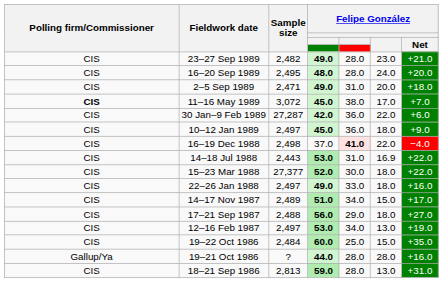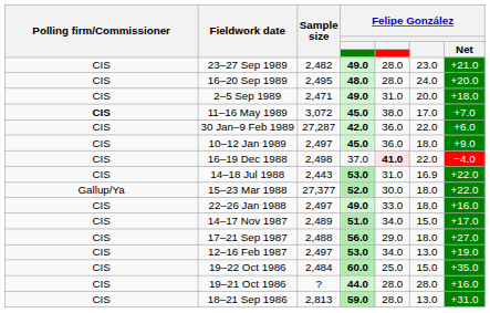 <table class="wikitable collapsible collapsed" style="text-align:center; font-size:90%; line-height:14px;">
 <tr style="height:42px;">
 <th style="width:250px;" rowspan="4">Polling firm/Commissioner</th>
 <th style="width:125px;" rowspan="4">Fieldwork date</th>
 <th style="width:50px;" rowspan="4">Sample size</th>
 <th style="width:185px;" colspan="4"><a href='#'>Felipe González</a><br></th>
 </tr>
 <tr>
 <th colspan="4" style="background:"></th>
 </tr>
 <tr>
 <th style="width:30px;"></th>
 <th style="width:30px;"></th>
 <th style="width:30px;" rowspan="2"></th>
 <th style="width:30px;" rowspan="2">Net</th>
 </tr>
 <tr>
 <th style="color:inherit;background:#008000;"></th>
 <th style="color:inherit;background:#FF0000;"></th>
 </tr>
 <tr>
 <td>CIS</td>
 <td>23–27 Sep 1989</td>
 <td>2,482</td>
 <td style="background:#D1F5D1;"><strong>49.0</strong></td>
 <td>28.0</td>
 <td>23.0</td>
 <td style="background:#008000; color:white;">+21.0</td>
 </tr>
 <tr>
 <td>CIS</td>
 <td>16–20 Sep 1989</td>
 <td>2,495</td>
 <td style="background:#D1F5D1;"><strong>48.0</strong></td>
 <td>28.0</td>
 <td>24.0</td>
 <td style="background:#008000; color:white;">+20.0</td>
 </tr>
 <tr>
 <td>CIS</td>
 <td>2–5 Sep 1989</td>
 <td>2,471</td>
 <td style="background:#D1F5D1;"><strong>49.0</strong></td>
 <td>31.0</td>
 <td>20.0</td>
 <td style="background:#008000; color:white;">+18.0</td>
 </tr>
 <tr>
 <td><strong>CIS</strong></td>
 <td>11–16 May 1989</td>
 <td>3,072</td>
 <td style="background:#D1F5D1;"><strong>45.0</strong></td>
 <td>38.0</td>
 <td>17.0</td>
 <td style="background:#008000; color:white;">+7.0</td>
 </tr>
 <tr>
 <td>CIS</td>
 <td>30 Jan–9 Feb 1989</td>
 <td>27,287</td>
 <td style="background:#D1F5D1;"><strong>42.0</strong></td>
 <td>36.0</td>
 <td>22.0</td>
 <td style="background:#008000; color:white;">+6.0</td>
 </tr>
 <tr>
 <td>CIS</td>
 <td>10–12 Jan 1989</td>
 <td>2,497</td>
 <td style="background:#D1F5D1;"><strong>45.0</strong></td>
 <td>36.0</td>
 <td>18.0</td>
 <td style="background:#008000; color:white;">+9.0</td>
 </tr>
 <tr>
 <td>CIS</td>
 <td>16–19 Dec 1988</td>
 <td>2,498</td>
 <td>37.0</td>
 <td style="background:#FFE2E1;"><strong>41.0</strong></td>
 <td>22.0</td>
 <td style="background:#FF0000; color:white;">−4.0</td>
 </tr>
 <tr>
 <td>CIS</td>
 <td>14–18 Jul 1988</td>
 <td>2,443</td>
 <td style="background:#B0ECB0;"><strong>53.0</strong></td>
 <td>31.0</td>
 <td>16.9</td>
 <td style="background:#008000; color:white;">+22.0</td>
 </tr>
 <tr>
-<td>CIS</td>
+<td>Gallup/Ya</td>
 <td>15–23 Mar 1988</td>
 <td>27,377</td>
 <td style="background:#B0ECB0;"><strong>52.0</strong></td>
 <td>30.0</td>
 <td>18.0</td>
 <td style="background:#008000; color:white;">+22.0</td>
 </tr>
 <tr>
 <td>CIS</td>
 <td>22–26 Jan 1988</td>
 <td>2,497</td>
 <td style="background:#D1F5D1;"><strong>49.0</strong></td>
 <td>33.0</td>
 <td>18.0</td>
 <td style="background:#008000; color:white;">+16.0</td>
 </tr>
 <tr>
 <td>CIS</td>
 <td>14–17 Nov 1987</td>
 <td>2,489</td>
 <td style="background:#B0ECB0;"><strong>51.0</strong></td>
 <td>34.0</td>
 <td>15.0</td>
 <td style="background:#008000; color:white;">+17.0</td>
 </tr>
 <tr>
 <td>CIS</td>
 <td>17–21 Sep 1987</td>
 <td>2,488</td>
 <td style="background:#B0ECB0;"><strong>56.0</strong></td>
 <td>29.0</td>
 <td>18.0</td>
 <td style="background:#008000; color:white;">+27.0</td>
 </tr>
 <tr>
 <td>CIS</td>
 <td>12–16 Feb 1987</td>
 <td>2,497</td>
 <td style="background:#B0ECB0;"><strong>53.0</strong></td>
 <td>34.0</td>
 <td>13.0</td>
 <td style="background:#008000; color:white;">+19.0</td>
 </tr>
 <tr>
 <td>CIS</td>
 <td>19–22 Oct 1986</td>
 <td>2,484</td>
 <td style="background:#B0ECB0;"><strong>60.0</strong></td>
 <td>25.0</td>
 <td>15.0</td>
 <td style="background:#008000; color:white;">+35.0</td>
 </tr>
 <tr>
-<td>Gallup/Ya</td>
+<td>CIS</td>
 <td>19–21 Oct 1986</td>
 <td>?</td>
 <td style="background:#D1F5D1;"><strong>44.0</strong></td>
 <td>28.0</td>
 <td>28.0</td>
 <td style="background:#008000; color:white;">+16.0</td>
 </tr>
 <tr>
 <td>CIS</td>
 <td>18–21 Sep 1986</td>
 <td>2,813</td>
 <td style="background:#B0ECB0;"><strong>59.0</strong></td>
 <td>28.0</td>
 <td>13.0</td>
 <td style="background:#008000; color:white;">+31.0</td>
 </tr>
 </table>
